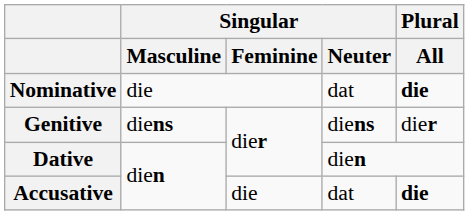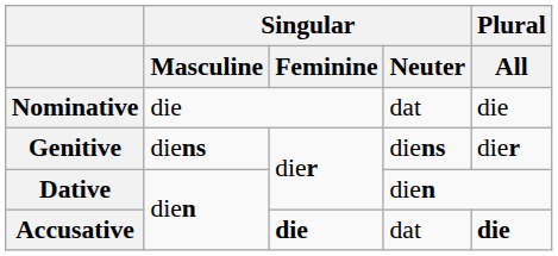 <table class="wikitable">
 <tr>
 <th></th>
 <th colspan="3">Singular</th>
 <th>Plural</th>
 </tr>
 <tr>
 <th></th>
 <th>Masculine</th>
 <th>Feminine</th>
 <th>Neuter</th>
 <th>All</th>
 </tr>
 <tr>
 <th>Nominative</th>
 <td colspan="2">die</td>
 <td>dat</td>
-<td><strong>die</strong></td>
+<td>die</td>
 </tr>
 <tr>
 <th>Genitive</th>
 <td>die<strong>ns</strong></td>
 <td rowspan="2">die<strong>r</strong></td>
 <td>die<strong>ns</strong></td>
 <td>die<strong>r</strong></td>
 </tr>
 <tr>
 <th>Dative</th>
 <td rowspan="2">die<strong>n</strong></td>
 <td colspan="2">die<strong>n</strong></td>
 </tr>
 <tr>
 <th>Accusative</th>
-<td>die</td>
+<td><strong>die</strong></td>
 <td>dat</td>
 <td><strong>die</strong></td>
 </tr>
 </table>
